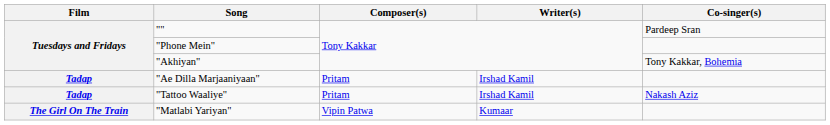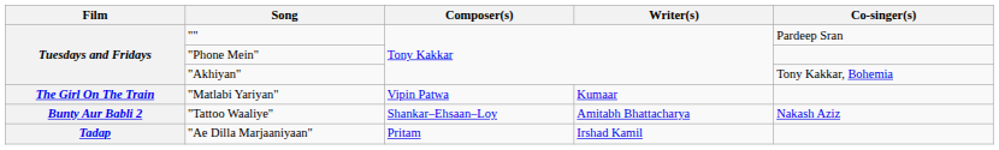 <table class="wikitable plainrowheaders" width="100%">
 <tr>
 <th width=18%>Film</th>
 <th width=20%>Song</th>
 <th width=19%>Composer(s)</th>
 <th width=20%>Writer(s)</th>
 <th width=22%>Co-singer(s)</th>
 </tr>
 <tr>
 <th scope="row" rowspan="3"><em>Tuesdays and Fridays</em></th>
 <td>""</td>
 <td rowspan="3" colspan=2><a href='#'>Tony Kakkar</a></td>
 <td>Pardeep Sran</td>
 </tr>
 <tr>
 <td>"Phone Mein"</td>
 <td></td>
 </tr>
 <tr>
 <td>"Akhiyan"</td>
 <td>Tony Kakkar, <a href='#'>Bohemia</a></td>
 </tr>
 <tr>
+<th scope="row"><em><a href='#'>The Girl On The Train</a></em></th>
+<td>"Matlabi Yariyan"</td>
+<td><a href='#'>Vipin Patwa</a></td>
+<td><a href='#'>Kumaar</a></td>
+<td></td>
+</tr>
+<tr>
+<th scope="row"><em><a href='#'>Bunty Aur Babli 2</a></em></th>
+<td>"Tattoo Waaliye"</td>
+<td><a href='#'>Shankar–Ehsaan–Loy</a></td>
+<td><a href='#'>Amitabh Bhattacharya</a></td>
+<td><a href='#'>Nakash Aziz</a></td>
+</tr>
+<tr>
 <th scope="row"><em><a href='#'>Tadap</a></em></th>
 <td>"Ae Dilla Marjaaniyaan"</td>
 <td><a href='#'>Pritam</a></td>
 <td><a href='#'>Irshad Kamil</a></td>
 <td></td>
 </tr>
-<tr>
-<th scope="row"><em><a href='#'>Tadap</a></em></th>
-<td>"Tattoo Waaliye"</td>
-<td><a href='#'>Pritam</a></td>
-<td><a href='#'>Irshad Kamil</a></td>
-<td><a href='#'>Nakash Aziz</a></td>
-</tr>
-<tr>
-<th scope="row"><em><a href='#'>The Girl On The Train</a></em></th>
-<td>"Matlabi Yariyan"</td>
-<td><a href='#'>Vipin Patwa</a></td>
-<td><a href='#'>Kumaar</a></td>
-<td></td>
-</tr>
 </table>
